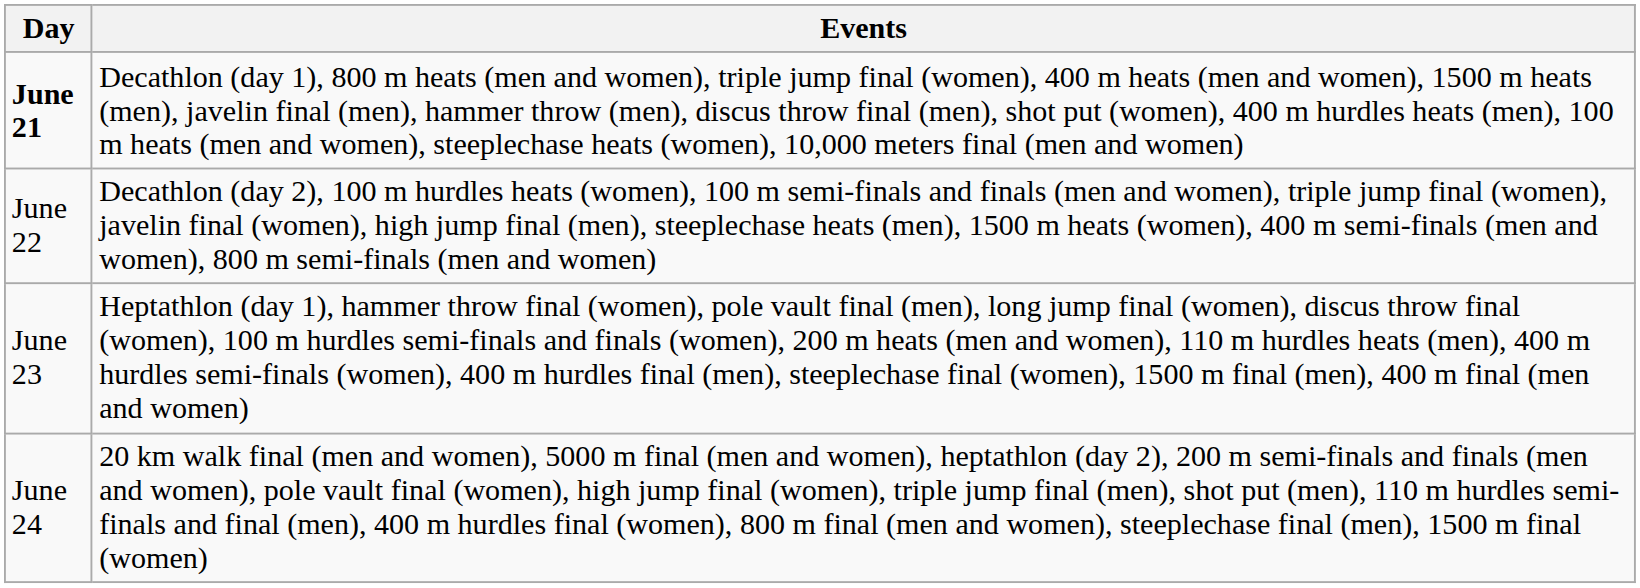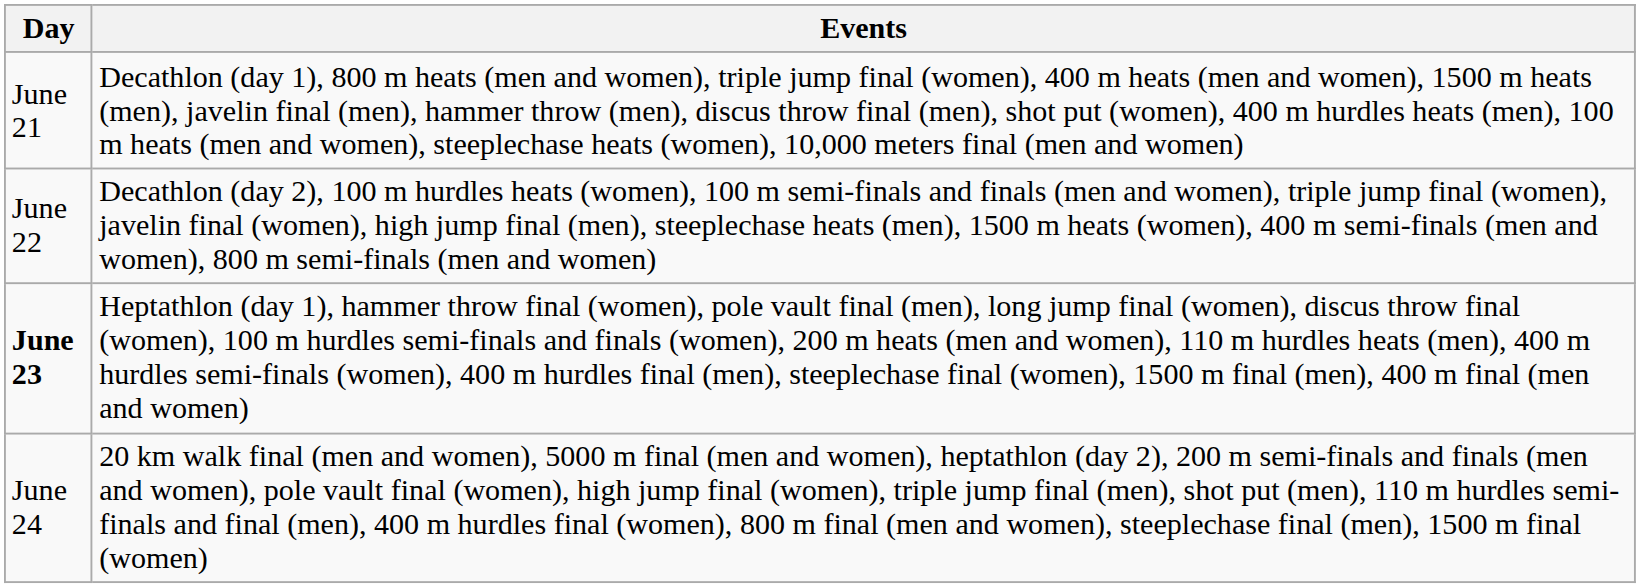 <table class="wikitable sortable">
 <tr>
 <th>Day</th>
 <th>Events</th>
 </tr>
 <tr>
-<td><strong>June 21</strong></td>
+<td>June 21</td>
 <td>Decathlon (day 1), 800 m heats (men and women), triple jump final (women), 400 m heats (men and women), 1500 m heats (men), javelin final (men), hammer throw (men), discus throw final (men), shot put (women), 400 m hurdles heats (men), 100 m heats (men and women), steeplechase heats (women), 10,000 meters final (men and women)</td>
 </tr>
 <tr>
 <td>June 22</td>
 <td>Decathlon (day 2), 100 m hurdles heats (women), 100 m semi-finals and finals (men and women), triple jump final (women), javelin final (women), high jump final (men), steeplechase heats (men), 1500 m heats (women), 400 m semi-finals (men and women), 800 m semi-finals (men and women)</td>
 </tr>
 <tr>
-<td>June 23</td>
+<td><strong>June 23</strong></td>
 <td>Heptathlon (day 1), hammer throw final (women), pole vault final (men), long jump final (women), discus throw final (women), 100 m hurdles semi-finals and finals (women), 200 m heats (men and women), 110 m hurdles heats (men), 400 m hurdles semi-finals (women), 400 m hurdles final (men), steeplechase final (women), 1500 m final (men), 400 m final (men and women)</td>
 </tr>
 <tr>
 <td>June 24</td>
 <td>20 km walk final (men and women), 5000 m final (men and women), heptathlon (day 2), 200 m semi-finals and finals (men and women), pole vault final (women), high jump final (women), triple jump final (men), shot put (men), 110 m hurdles semi-finals and final (men), 400 m hurdles final (women), 800 m final (men and women), steeplechase final (men), 1500 m final (women)</td>
 </tr>
 </table>
